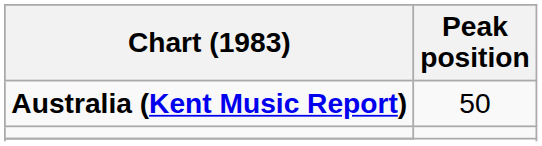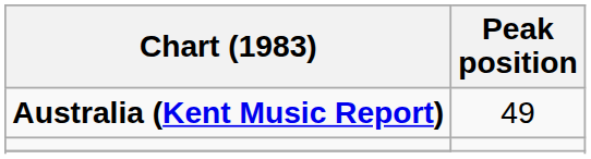 <table class="wikitable sortable">
 <tr>
 <th>Chart (1983)</th>
 <th>Peak<br>position</th>
 </tr>
 <tr>
 <td><strong>Australia (<a href='#'>Kent Music Report</a>)</strong></td>
-<td style="text-align:center;">50</td>
+<td style="text-align:center;">49</td>
 </tr>
 <tr>
 <td></td>
 </tr>
 <tr>
 </tr>
 <tr>
 </tr>
 <tr>
 </tr>
 <tr>
 </tr>
 <tr>
 </tr>
 </table>
